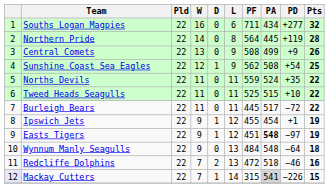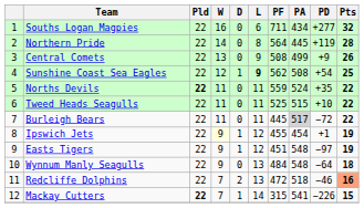 <table class="wikitable" style="text-align:center;">
 <tr>
 <th width=20 abbr="Position"></th>
 <th width=225>Team</th>
 <th width=20 abbr="Played">Pld</th>
 <th width=20 abbr="Won">W</th>
 <th width=20 abbr="Drawn">D</th>
 <th width=20 abbr="Lost">L</th>
 <th width=20 abbr="Points for">PF</th>
 <th width=20 abbr="Points against">PA</th>
 <th width=20 abbr="Points difference">PD</th>
 <th width=20 abbr="Points">Pts</th>
 </tr>
 <tr style="background: #ccffcc;">
 <td>1</td>
 <td style="text-align:left;"> <a href='#'>Souths Logan Magpies</a></td>
 <td>22</td>
 <td>16</td>
 <td>0</td>
 <td>6</td>
 <td>711</td>
 <td>434</td>
 <td>+277</td>
 <td><strong>32</strong></td>
 </tr>
 <tr style="background: #ccffcc;">
 <td>2</td>
 <td style="text-align:left;"> <a href='#'>Northern Pride</a></td>
 <td>22</td>
 <td>14</td>
 <td>0</td>
 <td>8</td>
 <td>564</td>
 <td>445</td>
 <td>+119</td>
 <td><strong>28</strong></td>
 </tr>
 <tr style="background: #ccffcc;">
 <td>3</td>
 <td style="text-align:left;"> <a href='#'>Central Comets</a></td>
 <td>22</td>
 <td>13</td>
 <td>0</td>
 <td>9</td>
 <td>508</td>
 <td>499</td>
 <td>+9</td>
 <td><strong>26</strong></td>
 </tr>
 <tr style="background: #ccffcc;">
 <td>4</td>
 <td style="text-align:left;"> <a href='#'>Sunshine Coast Sea Eagles</a></td>
 <td>22</td>
 <td>12</td>
 <td>1</td>
-<td>9</td>
+<td><strong>9</strong></td>
 <td>562</td>
 <td>508</td>
 <td>+54</td>
 <td><strong>25</strong></td>
 </tr>
 <tr style="background: #ccffcc;">
 <td>5</td>
 <td style="text-align:left;"> <a href='#'>Norths Devils</a></td>
-<td>22</td>
+<td><strong>22</strong></td>
 <td>11</td>
 <td>0</td>
 <td>11</td>
 <td>559</td>
 <td>524</td>
 <td>+35</td>
 <td><strong>22</strong></td>
 </tr>
 <tr style="background: #ccffcc;">
 <td>6</td>
 <td style="text-align:left;"> <a href='#'>Tweed Heads Seagulls</a></td>
 <td>22</td>
 <td>11</td>
 <td>0</td>
 <td>11</td>
 <td>525</td>
 <td>515</td>
 <td>+10</td>
 <td><strong>22</strong></td>
 </tr>
 <tr>
 <td>7</td>
 <td style="text-align:left;"> <a href='#'>Burleigh Bears</a></td>
 <td>22</td>
 <td>11</td>
 <td>0</td>
 <td>11</td>
 <td>445</td>
-<td>517</td>
+<td style="background: lightgrey;">517</td>
 <td>−72</td>
 <td><strong>22</strong></td>
 </tr>
 <tr>
 <td>8</td>
 <td style="text-align:left;"> <a href='#'>Ipswich Jets</a></td>
 <td>22</td>
-<td>9</td>
+<td style="background: lightyellow;">9</td>
 <td>1</td>
 <td>12</td>
 <td>455</td>
 <td>454</td>
 <td>+1</td>
 <td><strong>19</strong></td>
 </tr>
 <tr>
 <td>9</td>
 <td style="text-align:left;"> <a href='#'>Easts Tigers</a></td>
 <td>22</td>
 <td>9</td>
 <td>1</td>
 <td>12</td>
 <td>451</td>
-<td><strong>548</strong></td>
+<td>548</td>
 <td>−97</td>
 <td><strong>19</strong></td>
 </tr>
 <tr>
 <td>10</td>
 <td style="text-align:left;"> <a href='#'>Wynnum Manly Seagulls</a></td>
 <td>22</td>
 <td>9</td>
 <td>0</td>
 <td>13</td>
 <td>484</td>
 <td>548</td>
 <td>−64</td>
 <td><strong>18</strong></td>
 </tr>
 <tr>
 <td>11</td>
 <td style="text-align:left;"> <a href='#'>Redcliffe Dolphins</a></td>
 <td>22</td>
 <td>7</td>
 <td>2</td>
 <td>13</td>
 <td>472</td>
 <td>518</td>
 <td>−46</td>
-<td><strong>16</strong></td>
+<td style="background: lightsalmon;"><strong>16</strong></td>
 </tr>
 <tr>
-<td style="background: lavender;">12</td>
+<td>12</td>
 <td style="text-align:left;"> <a href='#'>Mackay Cutters</a></td>
-<td>22</td>
+<td><strong>22</strong></td>
 <td>7</td>
 <td>1</td>
 <td>14</td>
 <td>315</td>
-<td style="background: lightgrey;">541</td>
+<td>541</td>
 <td>−226</td>
 <td><strong>15</strong></td>
 </tr>
 <tr>
 </tr>
 </table>
